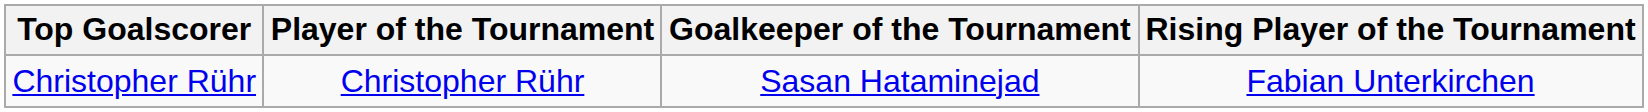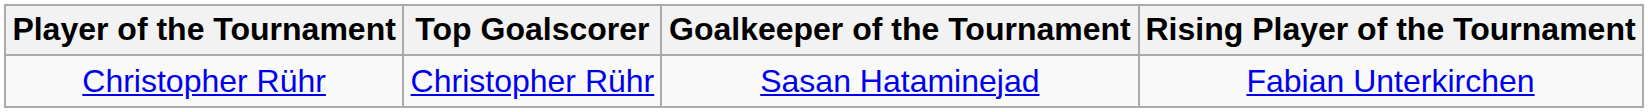 <table class=wikitable style="margin:auto; text-align:center">
 <tr>
+<th>Player of the Tournament</th>
 <th>Top Goalscorer</th>
-<th>Player of the Tournament</th>
 <th>Goalkeeper of the Tournament</th>
 <th>Rising Player of the Tournament</th>
 </tr>
 <tr>
 <td> <a href='#'>Christopher Rühr</a></td>
 <td> <a href='#'>Christopher Rühr</a></td>
 <td> <a href='#'>Sasan Hataminejad</a></td>
 <td> <a href='#'>Fabian Unterkirchen</a></td>
 </tr>
 </table>
